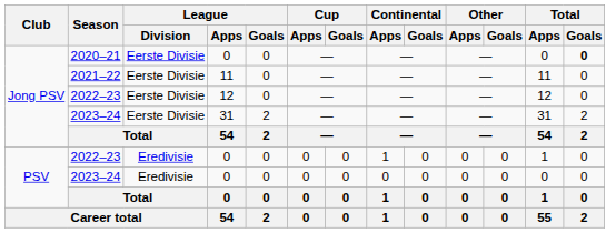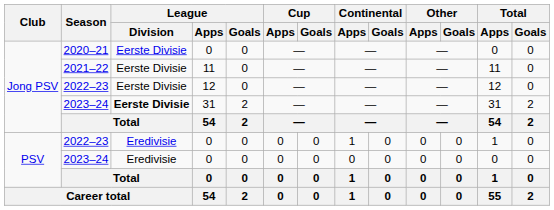 <table class="wikitable" Style="text-align: center">
 <tr>
 <th rowspan="2">Club</th>
 <th rowspan="2">Season</th>
 <th colspan="3">League</th>
 <th colspan="2">Cup</th>
 <th colspan="2">Continental</th>
 <th colspan="2">Other</th>
 <th colspan="2">Total</th>
 </tr>
 <tr>
 <th>Division</th>
 <th>Apps</th>
 <th>Goals</th>
 <th>Apps</th>
 <th>Goals</th>
 <th>Apps</th>
 <th>Goals</th>
 <th>Apps</th>
 <th>Goals</th>
 <th>Apps</th>
 <th>Goals</th>
 </tr>
 <tr>
 <td rowspan="5"><a href='#'>Jong PSV</a></td>
 <td><a href='#'>2020–21</a></td>
 <td><a href='#'>Eerste Divisie</a></td>
 <td>0</td>
 <td>0</td>
 <td colspan="2">—</td>
 <td colspan="2">—</td>
 <td colspan="2">—</td>
 <td>0</td>
-<td><strong>0</strong></td>
+<td>0</td>
 </tr>
 <tr>
 <td><a href='#'>2021–22</a></td>
 <td>Eerste Divisie</td>
 <td>11</td>
 <td>0</td>
 <td colspan="2">—</td>
 <td colspan="2">—</td>
 <td colspan="2">—</td>
 <td>11</td>
 <td>0</td>
 </tr>
 <tr>
 <td><a href='#'>2022–23</a></td>
 <td>Eerste Divisie</td>
 <td>12</td>
 <td>0</td>
 <td colspan="2">—</td>
 <td colspan="2">—</td>
 <td colspan="2">—</td>
 <td>12</td>
 <td>0</td>
 </tr>
 <tr>
 <td><a href='#'>2023–24</a></td>
-<td>Eerste Divisie</td>
+<td><strong>Eerste Divisie</strong></td>
 <td>31</td>
 <td>2</td>
 <td colspan="2">—</td>
 <td colspan="2">—</td>
 <td colspan="2">—</td>
 <td>31</td>
 <td>2</td>
 </tr>
 <tr>
 <th colspan="2">Total</th>
 <th>54</th>
 <th>2</th>
 <th colspan="2">—</th>
 <th colspan="2">—</th>
 <th colspan="2">—</th>
 <th>54</th>
 <th>2</th>
 </tr>
 <tr>
 <td rowspan="3"><a href='#'>PSV</a></td>
 <td><a href='#'>2022–23</a></td>
 <td><a href='#'>Eredivisie</a></td>
 <td>0</td>
 <td>0</td>
 <td>0</td>
 <td>0</td>
 <td>1</td>
 <td>0</td>
 <td>0</td>
 <td>0</td>
 <td>1</td>
 <td>0</td>
 </tr>
 <tr>
 <td><a href='#'>2023–24</a></td>
 <td>Eredivisie</td>
 <td>0</td>
 <td>0</td>
 <td>0</td>
 <td>0</td>
 <td>0</td>
 <td>0</td>
 <td>0</td>
 <td>0</td>
 <td>0</td>
 <td>0</td>
 </tr>
 <tr>
 <th colspan="2">Total</th>
 <th>0</th>
 <th>0</th>
 <th>0</th>
 <th>0</th>
 <th>1</th>
 <th>0</th>
 <th>0</th>
 <th>0</th>
 <th>1</th>
 <th>0</th>
 </tr>
 <tr>
 <th colspan="3">Career total</th>
 <th>54</th>
 <th>2</th>
 <th>0</th>
 <th>0</th>
 <th>1</th>
 <th>0</th>
 <th>0</th>
 <th>0</th>
 <th>55</th>
 <th>2</th>
 </tr>
 </table>
